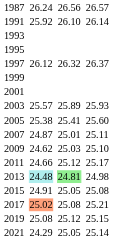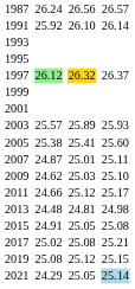 <table>
 <tr>
 <td>1987</td>
 <td></td>
 <td>26.24</td>
 <td></td>
 <td>26.56</td>
 <td></td>
 <td>26.57</td>
 </tr>
 <tr>
 <td>1991</td>
 <td></td>
 <td>25.92</td>
 <td></td>
 <td>26.10</td>
 <td></td>
 <td>26.14</td>
 </tr>
 <tr>
 <td>1993</td>
 <td></td>
 <td></td>
 <td></td>
 <td></td>
 <td></td>
 <td></td>
 </tr>
 <tr>
 <td>1995</td>
 <td></td>
 <td></td>
 <td></td>
 <td></td>
 <td></td>
 <td></td>
 </tr>
 <tr>
 <td>1997</td>
 <td></td>
-<td>26.12</td>
+<td style="background: lightgreen;">26.12</td>
 <td></td>
-<td>26.32</td>
+<td style="background: gold;">26.32</td>
 <td></td>
 <td>26.37</td>
 </tr>
 <tr>
 <td>1999</td>
 <td></td>
 <td></td>
 <td></td>
 <td></td>
 <td></td>
 <td></td>
 </tr>
 <tr>
 <td>2001</td>
 <td></td>
 <td></td>
 <td></td>
 <td></td>
 <td></td>
 <td></td>
 </tr>
 <tr>
 <td>2003</td>
 <td></td>
 <td>25.57</td>
 <td></td>
 <td>25.89</td>
 <td></td>
 <td>25.93</td>
 </tr>
 <tr>
 <td>2005</td>
 <td></td>
 <td>25.38</td>
 <td></td>
 <td>25.41</td>
 <td></td>
 <td>25.60</td>
 </tr>
 <tr>
 <td>2007</td>
 <td></td>
 <td>24.87</td>
 <td></td>
 <td>25.01</td>
 <td></td>
 <td>25.11</td>
 </tr>
 <tr>
 <td>2009</td>
 <td></td>
 <td>24.62</td>
 <td></td>
 <td>25.03</td>
 <td></td>
 <td>25.10</td>
 </tr>
 <tr>
 <td>2011</td>
 <td></td>
 <td>24.66</td>
 <td></td>
 <td>25.12</td>
 <td></td>
 <td>25.17</td>
 </tr>
 <tr>
 <td>2013</td>
 <td></td>
-<td style="background: paleturquoise;">24.48</td>
+<td>24.48</td>
 <td></td>
-<td style="background: lightgreen;">24.81</td>
+<td>24.81</td>
 <td></td>
 <td>24.98</td>
 </tr>
 <tr>
 <td>2015</td>
 <td></td>
 <td>24.91</td>
 <td></td>
 <td>25.05</td>
 <td></td>
 <td>25.08</td>
 </tr>
 <tr>
 <td>2017</td>
 <td></td>
-<td style="background: lightsalmon;">25.02</td>
+<td>25.02</td>
 <td></td>
 <td>25.08</td>
 <td></td>
 <td>25.21</td>
 </tr>
 <tr>
 <td>2019</td>
 <td></td>
 <td>25.08</td>
 <td></td>
 <td>25.12</td>
 <td></td>
 <td>25.15</td>
 </tr>
 <tr>
 <td>2021</td>
 <td></td>
 <td>24.29</td>
 <td></td>
 <td>25.05</td>
 <td></td>
-<td>25.14</td>
+<td style="background: lightblue;">25.14</td>
 </tr>
 </table>
